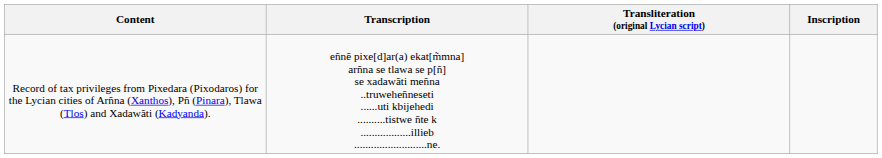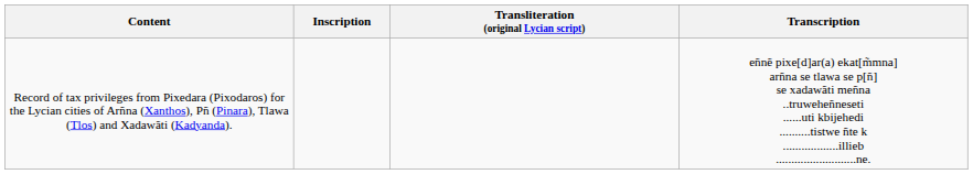 <table class="wikitable centre">
 <tr>
 <th scope="col" align=left>Content</th>
+<th>Inscription</th>
+<th>Transliteration<br><small>(original <a href='#'>Lycian script</a>)</small></th>
 <th>Transcription</th>
-<th>Transliteration<br><small>(original <a href='#'>Lycian script</a>)</small></th>
-<th>Inscription</th>
 </tr>
 <tr>
 <td align=center width="30%"><br>Record of tax privileges from Pixedara (Pixodaros) for the Lycian cities of Arñna (<a href='#'>Xanthos</a>), Pñ (<a href='#'>Pinara</a>), Tlawa (<a href='#'>Tlos</a>) and Xadawãti (<a href='#'>Kadyanda</a>).</td>
+<td align=center width="10%"><br></td>
+<td align=left><br></td>
 <td align=center width="30%"><br>eñnẽ pixe[d]ar(a) ekat[m̃mna]<br> arñna se tlawa se p[ñ]<br> se xadawãti meñna<br> ..truweheñneseti<br> ......uti kbijehedi<br> ..........tistwe ñte k<br> ..................illieb<br> ..........................ne.</td>
-<td align=left><br></td>
-<td align=center width="10%"><br></td>
 </tr>
 </table>
